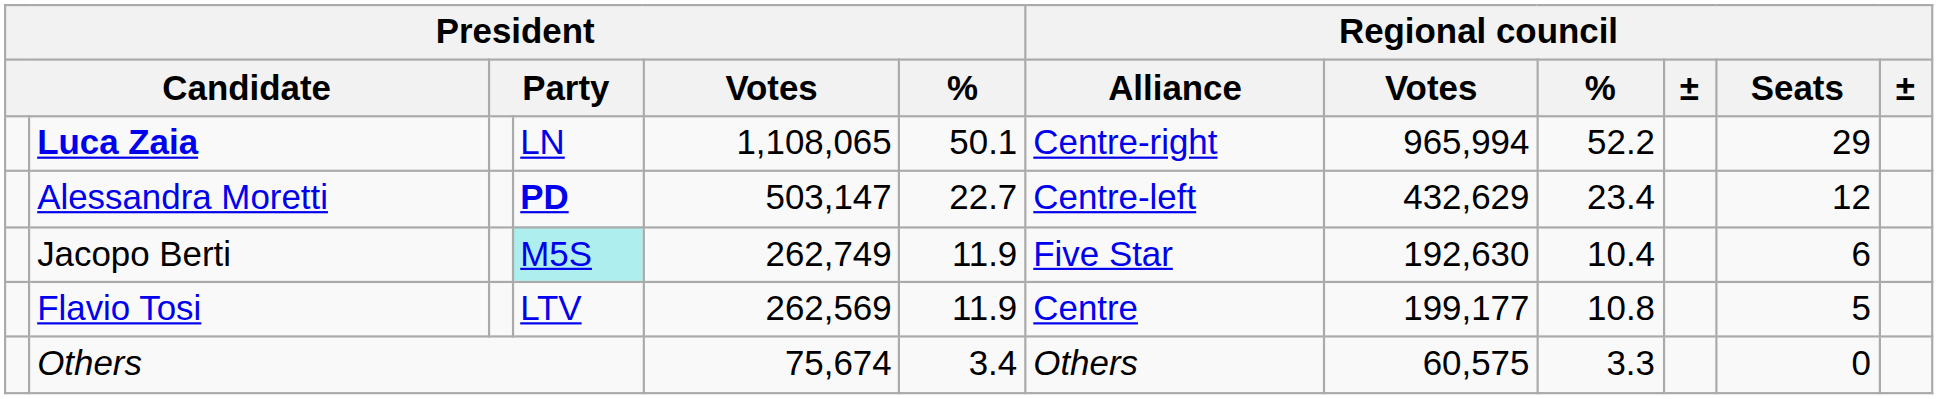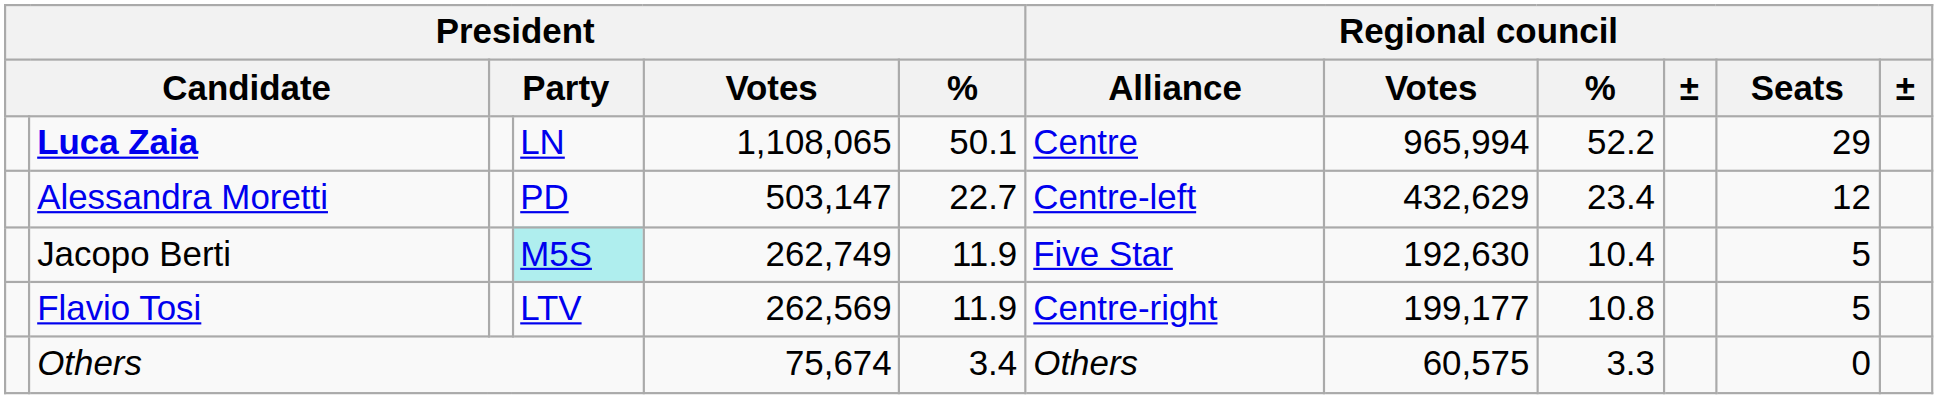 <table class="wikitable" style="text-align:right; style="width=70%">
 <tr>
 <th colspan="6">President</th>
 <th colspan="6">Regional council</th>
 </tr>
 <tr>
 <th colspan="2">Candidate</th>
 <th colspan="2">Party</th>
 <th>Votes</th>
 <th>%</th>
 <th>Alliance</th>
 <th>Votes</th>
 <th>%</th>
 <th>±</th>
 <th>Seats</th>
 <th>±</th>
 </tr>
 <tr>
 <td></td>
 <td style="text-align:left"><strong><a href='#'>Luca Zaia</a></strong></td>
 <td></td>
 <td style="text-align:left"><a href='#'>LN</a></td>
 <td>1,108,065</td>
 <td>50.1</td>
-<td style="text-align:left"><a href='#'>Centre-right</a></td>
+<td style="text-align:left"><a href='#'>Centre</a></td>
 <td>965,994</td>
 <td>52.2</td>
 <td></td>
 <td>29</td>
 <td></td>
 </tr>
 <tr>
 <td></td>
 <td style="text-align:left"><a href='#'>Alessandra Moretti</a></td>
 <td></td>
-<td style="text-align:left"><strong><a href='#'>PD</a></strong></td>
+<td style="text-align:left"><a href='#'>PD</a></td>
 <td>503,147</td>
 <td>22.7</td>
 <td style="text-align:left"><a href='#'>Centre-left</a></td>
 <td>432,629</td>
 <td>23.4</td>
 <td></td>
 <td>12</td>
 <td></td>
 </tr>
 <tr>
 <td></td>
 <td style="text-align:left">Jacopo Berti</td>
 <td></td>
 <td style="background: paleturquoise; text-align:left"><a href='#'>M5S</a></td>
 <td>262,749</td>
 <td>11.9</td>
 <td style="text-align:left"><a href='#'>Five Star</a></td>
 <td>192,630</td>
 <td>10.4</td>
 <td></td>
-<td>6</td>
+<td>5</td>
 <td></td>
 </tr>
 <tr>
 <td></td>
 <td style="text-align:left"><a href='#'>Flavio Tosi</a></td>
 <td></td>
 <td style="text-align:left"><a href='#'>LTV</a></td>
 <td>262,569</td>
 <td>11.9</td>
-<td style="text-align:left"><a href='#'>Centre</a></td>
+<td style="text-align:left"><a href='#'>Centre-right</a></td>
 <td>199,177</td>
 <td>10.8</td>
 <td></td>
 <td>5</td>
 <td></td>
 </tr>
 <tr>
 <td></td>
 <td colspan="3" style="text-align:left"><em>Others</em></td>
 <td>75,674</td>
 <td>3.4</td>
 <td style="text-align:left"><em>Others</em></td>
 <td>60,575</td>
 <td>3.3</td>
 <td></td>
 <td>0</td>
 <td></td>
 </tr>
 </table>
